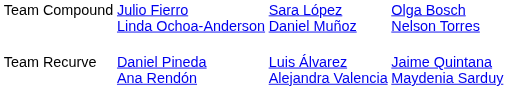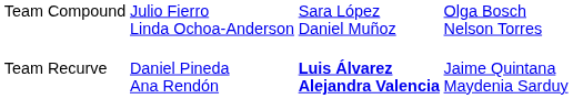 <table>
 <tr>
 <td>Team Compound</td>
 <td><br><a href='#'>Julio Fierro</a><br><a href='#'>Linda Ochoa-Anderson</a></td>
 <td><br><a href='#'>Sara López</a><br><a href='#'>Daniel Muñoz</a></td>
 <td><br><a href='#'>Olga Bosch</a><br><a href='#'>Nelson Torres</a></td>
 </tr>
 <tr>
 <td>Team Recurve</td>
 <td><br><a href='#'>Daniel Pineda</a><br><a href='#'>Ana Rendón</a></td>
-<td><br><a href='#'>Luis Álvarez</a><br><a href='#'>Alejandra Valencia</a></td>
+<td><strong><br><a href='#'>Luis Álvarez</a><br><a href='#'>Alejandra Valencia</a></strong></td>
 <td><br><a href='#'>Jaime Quintana</a><br><a href='#'>Maydenia Sarduy</a></td>
 </tr>
 <tr>
 </tr>
 </table>
